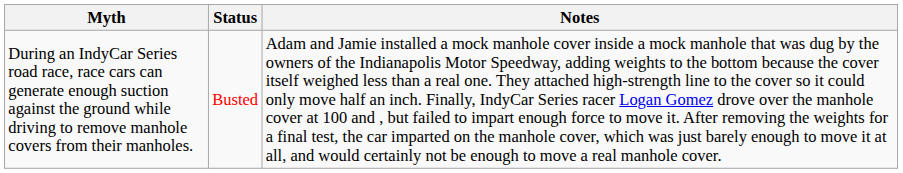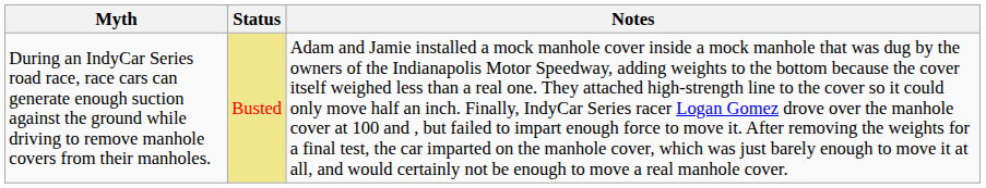 <table class="wikitable plainrowheaders">
 <tr>
 <th scope"col">Myth</th>
 <th scope"col">Status</th>
 <th scope"col">Notes</th>
 </tr>
 <tr>
 <td scope"row">During an IndyCar Series road race, race cars can generate enough suction against the ground while driving to remove manhole covers from their manholes.</td>
-<td style="color:red">Busted</td>
+<td style="background: khaki; color:red">Busted</td>
 <td>Adam and Jamie installed a mock manhole cover inside a mock manhole that was dug by the owners of the Indianapolis Motor Speedway, adding weights to the bottom because the cover itself weighed less than a real one. They attached high-strength line to the cover so it could only move half an inch. Finally, IndyCar Series racer <a href='#'>Logan Gomez</a> drove over the manhole cover at 100 and , but failed to impart enough force to move it. After removing the weights for a final test, the car imparted  on the manhole cover, which was just barely enough to move it at all, and would certainly not be enough to move a real manhole cover.</td>
 </tr>
 </table>
